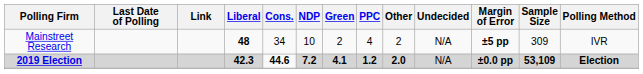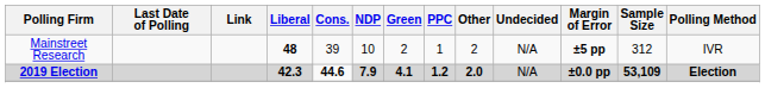 <table class="wikitable sortable" style="text-align:center;font-size:90%;line-height:14px;">
 <tr style="background:#e9e9e9;">
 <th style="width:120px">Polling Firm</th>
 <th style="width:110px">Last Date<br>of Polling</th>
 <th style="width:60px" class="unsortable">Link</th>
 <th style="background-color:"><a href='#'>Liberal</a></th>
 <th style="background-color:"><a href='#'>Cons.</a></th>
 <th style="background-color:"><a href='#'>NDP</a></th>
 <th style="background-color:"><a href='#'>Green</a></th>
 <th style="background-color:"><a href='#'><span>PPC</span></a></th>
 <th style="background-color:">Other</th>
 <th style="background-color:">Undecided</th>
 <th style="width:60px;" class=unsortable>Margin<br>of Error</th>
 <th style="width:50px;" class=unsortable>Sample<br>Size</th>
 <th class=unsortable>Polling Method</th>
 </tr>
 <tr>
 <td><a href='#'>Mainstreet Research</a></td>
 <td></td>
 <td></td>
 <td><strong>48</strong></td>
-<td>34</td>
+<td>39</td>
 <td>10</td>
 <td>2</td>
-<td>4</td>
+<td>1</td>
 <td>2</td>
 <td>N/A</td>
 <td><strong>±5 pp</strong></td>
-<td>309</td>
+<td>312</td>
 <td>IVR</td>
 </tr>
 <tr>
 <td style="background:#D5D5D5"><strong><a href='#'>2019 Election</a></strong></td>
 <td style="background:#D5D5D5"><strong></strong></td>
 <td style="background:#D5D5D5"></td>
 <td style="background:#D5D5D5"><strong>42.3</strong></td>
 <td><strong>44.6</strong></td>
-<td style="background:#D5D5D5"><strong>7.2</strong></td>
+<td style="background:#D5D5D5"><strong>7.9</strong></td>
 <td style="background:#D5D5D5"><strong>4.1</strong></td>
 <td style="background:#D5D5D5"><strong>1.2</strong></td>
 <td style="background:#D5D5D5"><strong>2.0</strong></td>
 <td style="background:#D5D5D5">N/A</td>
 <td style="background:#D5D5D5"><strong>±0.0 pp</strong></td>
 <td style="background:#D5D5D5"><strong>53,109</strong></td>
 <td style="background:#D5D5D5"><strong>Election</strong></td>
 </tr>
 <tr>
 </tr>
 <tr>
 </tr>
 </table>
